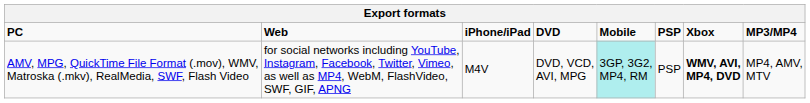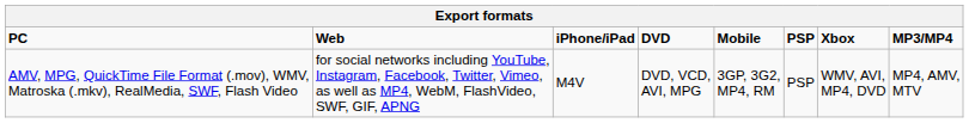 <table class="wikitable">
 <tr>
 <th colspan="8">Export formats</th>
 </tr>
 <tr>
 <td><strong>PC</strong></td>
 <td><strong>Web</strong></td>
 <td><strong>iPhone/iPad</strong></td>
 <td><strong>DVD</strong></td>
 <td><strong>Mobile</strong></td>
 <td><strong>PSP</strong></td>
 <td><strong>Xbox</strong></td>
 <td><strong>MP3/MP4</strong></td>
 </tr>
 <tr>
 <td><a href='#'>AMV</a>, <a href='#'>MPG</a>, <a href='#'>QuickTime File Format</a> (.mov), WMV,<br> Matroska (.mkv), RealMedia, <a href='#'>SWF</a>, Flash Video</td>
 <td>for social networks including <a href='#'>YouTube</a>,<br> <a href='#'>Instagram</a>, <a href='#'>Facebook</a>, <a href='#'>Twitter</a>, <a href='#'>Vimeo</a>,<br> as well as <a href='#'>MP4</a>, WebM, FlashVideo,<br> SWF, GIF, <a href='#'>APNG</a></td>
 <td>M4V</td>
 <td>DVD, VCD,<br> AVI, MPG</td>
-<td style="background: paleturquoise;">3GP, 3G2, <br>MP4, RM</td>
+<td>3GP, 3G2, <br>MP4, RM</td>
 <td>PSP</td>
-<td><strong>WMV, AVI,<br> MP4, DVD</strong></td>
+<td>WMV, AVI,<br> MP4, DVD</td>
 <td>MP4, AMV,<br> MTV</td>
 </tr>
 </table>
